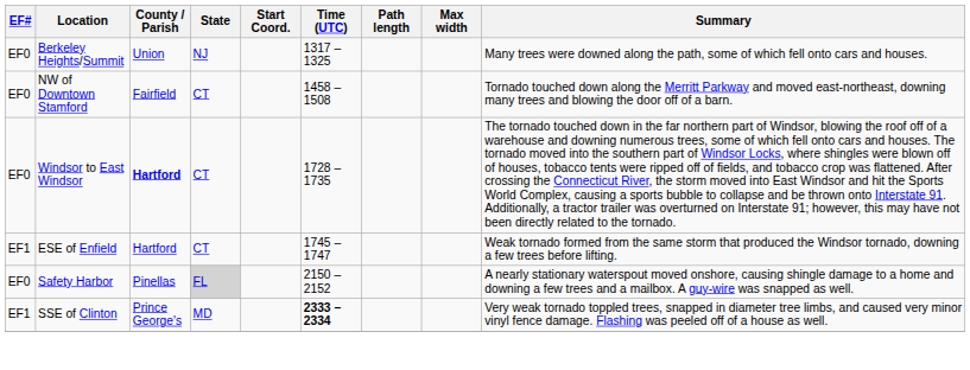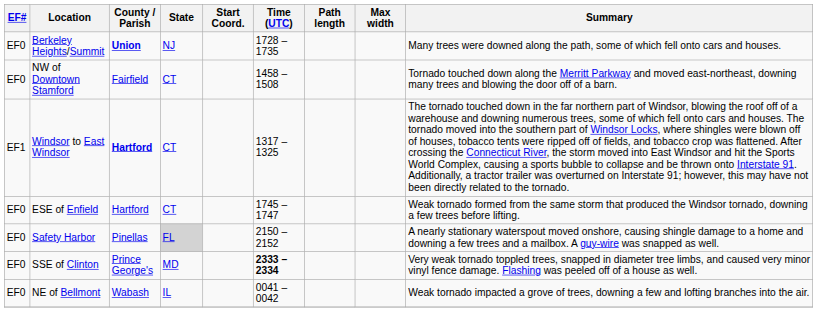 <table class="wikitable sortable" style="width:100%;">
 <tr>
 <th scope="col" width="3%" align="center"><a href='#'>EF#</a></th>
 <th scope="col" width="7%" align="center" class="unsortable">Location</th>
 <th scope="col" width="6%" align="center" class="unsortable">County / Parish</th>
 <th scope="col" width="5%" align="center">State</th>
 <th scope="col" width="6%" align="center">Start Coord.</th>
 <th scope="col" width="6%" align="center">Time (<a href='#'>UTC</a>)</th>
 <th scope="col" width="6%" align="center">Path length</th>
 <th scope="col" width="6%" align="center">Max width</th>
 <th scope="col" width="48%" class="unsortable" align="center">Summary</th>
 </tr>
 <tr>
 <td>EF0</td>
 <td><a href='#'>Berkeley Heights</a>/<a href='#'>Summit</a></td>
-<td><a href='#'>Union</a></td>
+<td><strong><a href='#'>Union</a></strong></td>
 <td><a href='#'>NJ</a></td>
 <td></td>
-<td>1317 – 1325</td>
+<td>1728 – 1735</td>
 <td></td>
 <td></td>
 <td>Many trees were downed along the path, some of which fell onto cars and houses.</td>
 </tr>
 <tr>
 <td>EF0</td>
 <td>NW of <a href='#'>Downtown Stamford</a></td>
 <td><a href='#'>Fairfield</a></td>
 <td><a href='#'>CT</a></td>
 <td></td>
 <td>1458 – 1508</td>
 <td></td>
 <td></td>
 <td>Tornado touched down along the <a href='#'>Merritt Parkway</a> and moved east-northeast, downing many trees and blowing the door off of a barn.</td>
 </tr>
 <tr>
-<td>EF0</td>
+<td>EF1</td>
 <td><a href='#'>Windsor</a> to <a href='#'>East Windsor</a></td>
 <td><strong><a href='#'>Hartford</a></strong></td>
 <td><a href='#'>CT</a></td>
 <td></td>
-<td>1728 – 1735</td>
+<td>1317 – 1325</td>
 <td></td>
 <td></td>
 <td>The tornado touched down in the far northern part of Windsor, blowing the roof off of a warehouse and downing numerous trees, some of which fell onto cars and houses. The tornado moved into the southern part of <a href='#'>Windsor Locks</a>, where shingles were blown off of houses, tobacco tents were ripped off of fields, and tobacco crop was flattened. After crossing the <a href='#'>Connecticut River</a>, the storm moved into East Windsor and hit the Sports World Complex, causing a sports bubble to collapse and be thrown onto <a href='#'>Interstate 91</a>. Additionally, a tractor trailer was overturned on Interstate 91; however, this may have not been directly related to the tornado.</td>
 </tr>
 <tr>
-<td>EF1</td>
+<td>EF0</td>
 <td>ESE of <a href='#'>Enfield</a></td>
 <td><a href='#'>Hartford</a></td>
 <td><a href='#'>CT</a></td>
 <td></td>
 <td>1745 – 1747</td>
 <td></td>
 <td></td>
 <td>Weak tornado formed from the same storm that produced the Windsor tornado, downing a few trees before lifting.</td>
 </tr>
 <tr>
 <td>EF0</td>
 <td><a href='#'>Safety Harbor</a></td>
 <td><a href='#'>Pinellas</a></td>
 <td style="background: lightgrey;"><a href='#'>FL</a></td>
 <td></td>
 <td>2150 – 2152</td>
 <td></td>
 <td></td>
 <td>A nearly stationary waterspout moved onshore, causing shingle damage to a home and downing a few trees and a mailbox. A <a href='#'>guy-wire</a> was snapped as well.</td>
 </tr>
 <tr>
-<td>EF1</td>
+<td>EF0</td>
 <td>SSE of <a href='#'>Clinton</a></td>
 <td><a href='#'>Prince George's</a></td>
 <td><a href='#'>MD</a></td>
 <td></td>
 <td><strong>2333 – 2334</strong></td>
 <td></td>
 <td></td>
 <td>Very weak tornado toppled trees, snapped  in diameter tree limbs, and caused very minor vinyl fence damage. <a href='#'>Flashing</a> was peeled off of a house as well.</td>
 </tr>
 <tr>
+<td>EF0</td>
+<td>NE of <a href='#'>Bellmont</a></td>
+<td><a href='#'>Wabash</a></td>
+<td><a href='#'>IL</a></td>
+<td></td>
+<td>0041 – 0042</td>
+<td></td>
+<td></td>
+<td>Weak tornado impacted a grove of trees, downing a few and lofting branches into the air.</td>
+</tr>
+<tr>
 </tr>
 </table>
